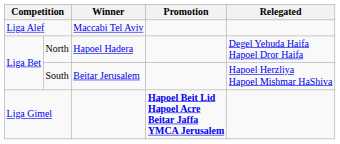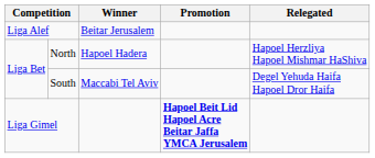 <table class="wikitable">
 <tr>
 <th colspan="2">Competition</th>
 <th>Winner</th>
 <th>Promotion</th>
 <th>Relegated</th>
 </tr>
 <tr>
 <td colspan="2"><a href='#'>Liga Alef</a></td>
-<td><a href='#'>Maccabi Tel Aviv</a></td>
+<td><a href='#'>Beitar Jerusalem</a></td>
 <td></td>
 <td></td>
 </tr>
 <tr>
 <td rowspan="2"><a href='#'>Liga Bet</a></td>
 <td>North</td>
 <td><a href='#'>Hapoel Hadera</a></td>
 <td></td>
-<td><a href='#'>Degel Yehuda Haifa</a><br><a href='#'>Hapoel Dror Haifa</a></td>
+<td><a href='#'>Hapoel Herzliya</a> <br><a href='#'>Hapoel Mishmar HaShiva</a></td>
 </tr>
 <tr>
 <td>South</td>
-<td><a href='#'>Beitar Jerusalem</a></td>
+<td><a href='#'>Maccabi Tel Aviv</a></td>
 <td></td>
-<td><a href='#'>Hapoel Herzliya</a> <br><a href='#'>Hapoel Mishmar HaShiva</a></td>
+<td><a href='#'>Degel Yehuda Haifa</a><br><a href='#'>Hapoel Dror Haifa</a></td>
 </tr>
 <tr>
 <td colspan="2"><a href='#'>Liga Gimel</a></td>
 <td></td>
 <td><strong><a href='#'>Hapoel Beit Lid</a> <br><a href='#'>Hapoel Acre</a> <br><a href='#'>Beitar Jaffa</a> <br><a href='#'>YMCA Jerusalem</a></strong></td>
 <td></td>
 </tr>
 </table>
